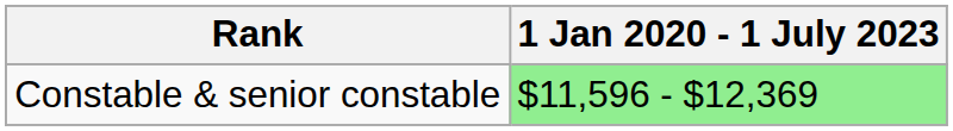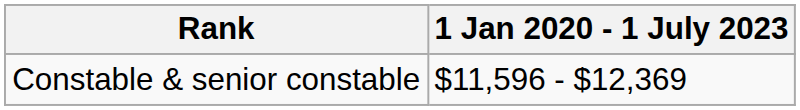 <table class="wikitable">
 <tr>
 <th>Rank</th>
 <th>1 Jan 2020 - 1 July 2023</th>
 </tr>
 <tr>
 <td>Constable & senior constable</td>
-<td style="background: lightgreen;">$11,596 - $12,369</td>
+<td>$11,596 - $12,369</td>
 </tr>
 </table>
